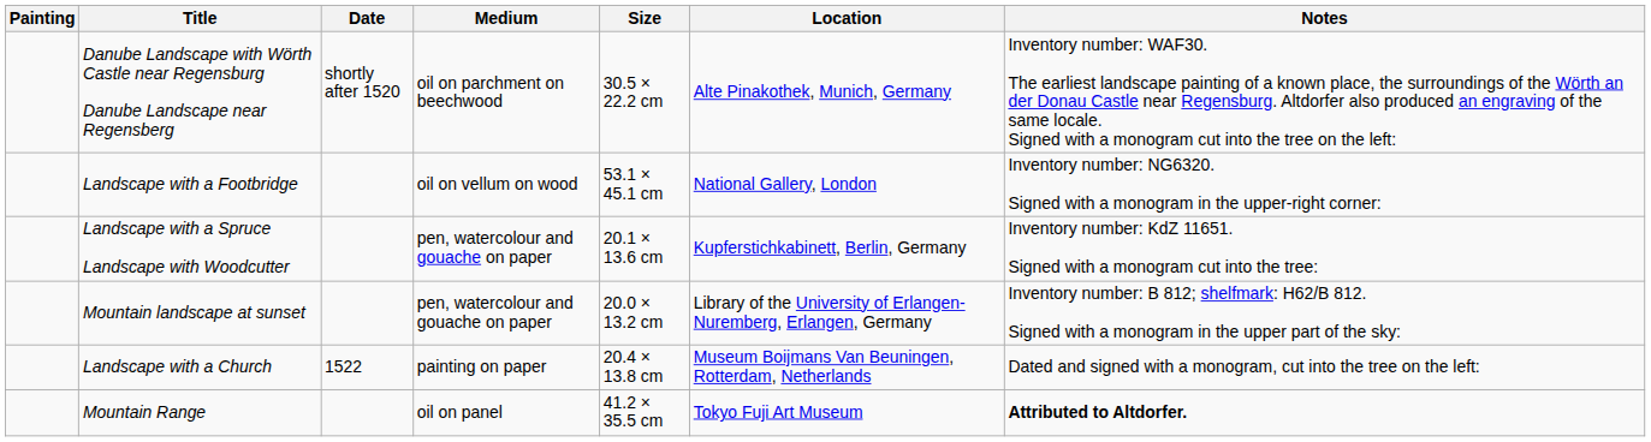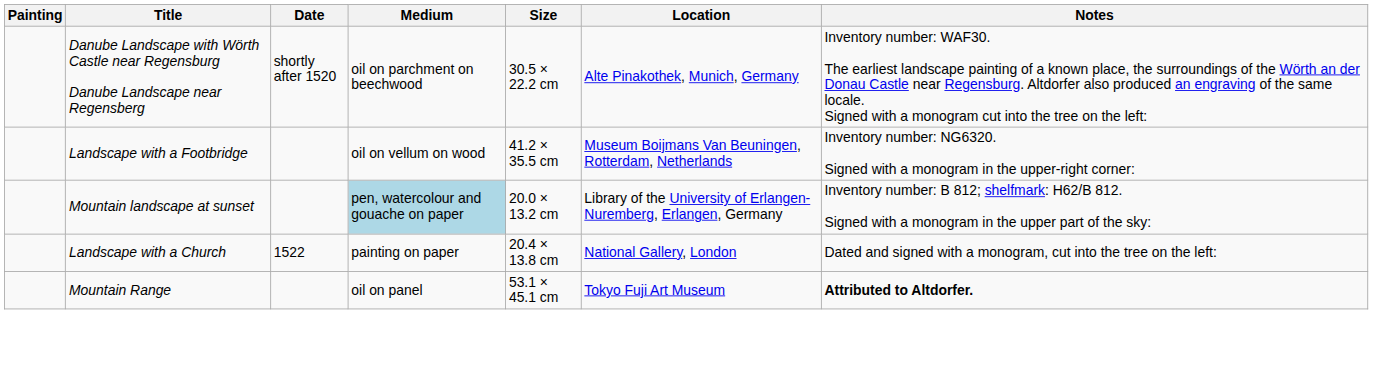 <table class="wikitable" border="1">
 <tr>
 <th>Painting</th>
 <th>Title</th>
 <th>Date</th>
 <th>Medium</th>
 <th>Size</th>
 <th>Location</th>
 <th>Notes</th>
 </tr>
 <tr>
 <td></td>
 <td><em>Danube Landscape with Wörth Castle near Regensburg</em><br><br><em>Danube Landscape near Regensberg</em></td>
 <td>shortly after 1520<br><br></td>
 <td>oil on parchment on beechwood</td>
 <td>30.5 × 22.2 cm</td>
 <td><a href='#'>Alte Pinakothek</a>, <a href='#'>Munich</a>, <a href='#'>Germany</a></td>
 <td>Inventory number: WAF30.<br><br>The earliest landscape painting of a known place, the surroundings of the <a href='#'>Wörth an der Donau Castle</a> near <a href='#'>Regensburg</a>. Altdorfer also produced <a href='#'>an engraving</a> of the same locale.<br> Signed with a monogram cut into the tree on the left:<br> </td>
 </tr>
 <tr>
 <td></td>
 <td><em>Landscape with a Footbridge</em></td>
 <td></td>
 <td>oil on vellum on wood</td>
-<td>53.1 × 45.1 cm</td>
-<td><a href='#'>National Gallery</a>, <a href='#'>London</a></td>
+<td>41.2 × 35.5 cm</td>
+<td><a href='#'>Museum Boijmans Van Beuningen</a>, <a href='#'>Rotterdam</a>, <a href='#'>Netherlands</a></td>
 <td>Inventory number: NG6320.<br><br>Signed with a monogram in the upper-right corner:<br> </td>
-</tr>
-<tr>
-<td></td>
-<td><em>Landscape with a Spruce</em><br><br><em>Landscape with Woodcutter</em></td>
-<td></td>
-<td>pen, watercolour and <a href='#'>gouache</a> on paper</td>
-<td>20.1 × 13.6 cm</td>
-<td><a href='#'>Kupferstichkabinett</a>, <a href='#'>Berlin</a>, Germany</td>
-<td>Inventory number: KdZ 11651.<br><br>Signed with a monogram cut into the tree:<br> </td>
 </tr>
 <tr>
 <td></td>
 <td><em>Mountain landscape at sunset</em></td>
 <td></td>
-<td>pen, watercolour and gouache on paper</td>
+<td style="background: lightblue;">pen, watercolour and gouache on paper</td>
 <td>20.0 × 13.2 cm</td>
 <td>Library of the <a href='#'>University of Erlangen-Nuremberg</a>, <a href='#'>Erlangen</a>, Germany</td>
 <td>Inventory number: B 812; <a href='#'>shelfmark</a>: H62/B 812.<br><br>Signed with a monogram in the upper part of the sky:<br> </td>
 </tr>
 <tr>
 <td></td>
 <td><em>Landscape with a Church</em></td>
 <td>1522</td>
 <td>painting on paper</td>
 <td>20.4 × 13.8 cm</td>
-<td><a href='#'>Museum Boijmans Van Beuningen</a>, <a href='#'>Rotterdam</a>, <a href='#'>Netherlands</a></td>
+<td><a href='#'>National Gallery</a>, <a href='#'>London</a></td>
 <td>Dated and signed with a monogram, cut into the tree on the left:<br></td>
 </tr>
 <tr>
 <td></td>
 <td><em>Mountain Range</em></td>
 <td></td>
 <td>oil on panel</td>
-<td>41.2 × 35.5 cm</td>
+<td>53.1 × 45.1 cm</td>
 <td><a href='#'>Tokyo Fuji Art Museum</a></td>
 <td><strong>Attributed to Altdorfer.</strong></td>
 </tr>
 </table>
